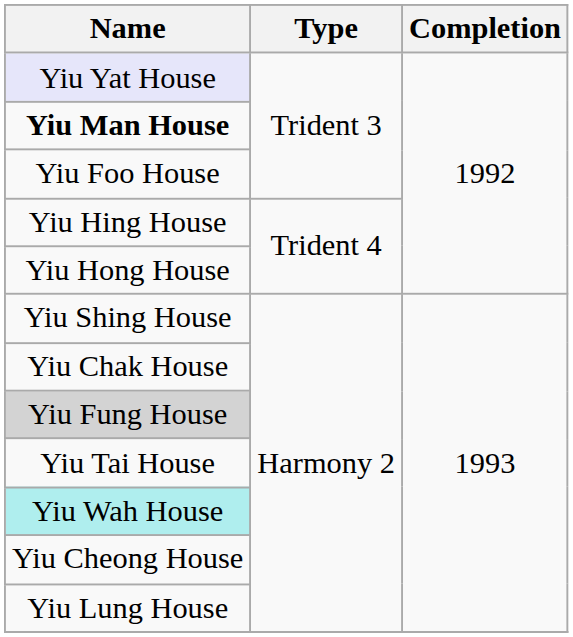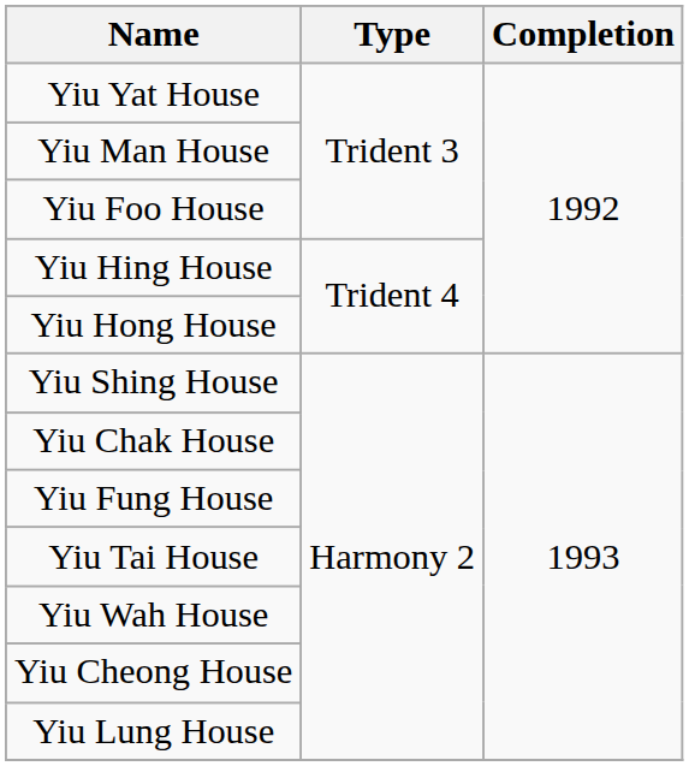 <table class="wikitable" style="text-align: center">
 <tr>
 <th>Name</th>
 <th>Type</th>
 <th>Completion</th>
 </tr>
 <tr>
-<td style="background: lavender;">Yiu Yat House</td>
+<td>Yiu Yat House</td>
 <td rowspan="3">Trident 3</td>
 <td rowspan="5">1992</td>
 </tr>
 <tr>
-<td><strong>Yiu Man House</strong></td>
+<td>Yiu Man House</td>
 </tr>
 <tr>
 <td>Yiu Foo House</td>
 </tr>
 <tr>
 <td>Yiu Hing House</td>
 <td rowspan="2">Trident 4</td>
 </tr>
 <tr>
 <td>Yiu Hong House</td>
 </tr>
 <tr>
 <td>Yiu Shing House</td>
 <td rowspan="7">Harmony 2</td>
 <td rowspan="7">1993</td>
 </tr>
 <tr>
 <td>Yiu Chak House</td>
 </tr>
 <tr>
-<td style="background: lightgrey;">Yiu Fung House</td>
+<td>Yiu Fung House</td>
 </tr>
 <tr>
 <td>Yiu Tai House</td>
 </tr>
 <tr>
-<td style="background: paleturquoise;">Yiu Wah House</td>
+<td>Yiu Wah House</td>
 </tr>
 <tr>
 <td>Yiu Cheong House</td>
 </tr>
 <tr>
 <td>Yiu Lung House</td>
 </tr>
 <tr>
 </tr>
 </table>
